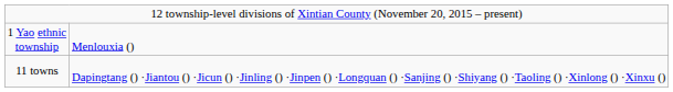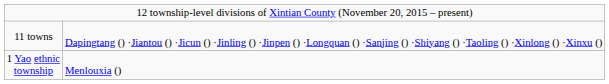 <table class="wikitable">
 <tr>
 <td style="text-align:center;" colspan="2">12 township-level divisions of <a href='#'>Xintian County</a> (November 20, 2015 – present)</td>
 </tr>
 <tr align=left>
+<td align=center>11 towns</td>
+<td><br><a href='#'>Dapingtang</a> () ·<a href='#'>Jiantou</a> () ·<a href='#'>Jicun</a> () ·<a href='#'>Jinling</a> () ·<a href='#'>Jinpen</a> () ·<a href='#'>Longquan</a> () ·<a href='#'>Sanjing</a> () ·<a href='#'>Shiyang</a> () ·<a href='#'>Taoling</a> () ·<a href='#'>Xinlong</a> () ·<a href='#'>Xinxu</a> ()</td>
+</tr>
+<tr align=left>
 <td align=center>1 <a href='#'>Yao</a> <a href='#'>ethnic <br>township</a></td>
 <td><br><a href='#'>Menlouxia</a> ()</td>
 </tr>
-<tr align=left>
-<td align=center>11 towns</td>
-<td><br><a href='#'>Dapingtang</a> () ·<a href='#'>Jiantou</a> () ·<a href='#'>Jicun</a> () ·<a href='#'>Jinling</a> () ·<a href='#'>Jinpen</a> () ·<a href='#'>Longquan</a> () ·<a href='#'>Sanjing</a> () ·<a href='#'>Shiyang</a> () ·<a href='#'>Taoling</a> () ·<a href='#'>Xinlong</a> () ·<a href='#'>Xinxu</a> ()</td>
-</tr>
 </table>
